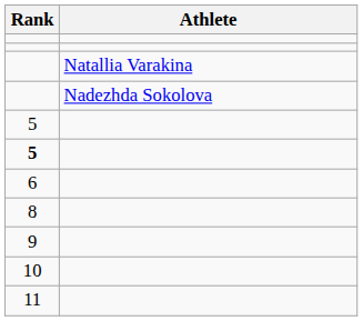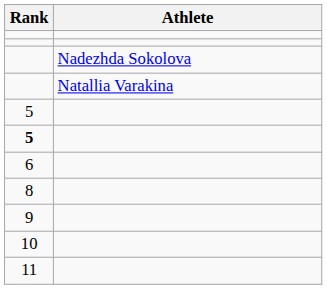 <table class="wikitable" style="text-align: center;">
 <tr>
 <th width=40>Rank</th>
 <th width=250>Athlete</th>
 </tr>
 <tr>
 <td></td>
 <td align="left"></td>
 </tr>
 <tr>
 <td></td>
 <td align="left"></td>
 </tr>
 <tr>
 <td></td>
-<td align="left"> <a href='#'>Natallia Varakina</a> </td>
+<td align="left"> <a href='#'>Nadezhda Sokolova</a> </td>
 </tr>
 <tr>
 <td></td>
-<td align="left"> <a href='#'>Nadezhda Sokolova</a> </td>
+<td align="left"> <a href='#'>Natallia Varakina</a> </td>
 </tr>
 <tr>
 <td>5</td>
 <td align="left"></td>
 </tr>
 <tr>
 <td><strong>5</strong></td>
 <td align="left"></td>
 </tr>
 <tr>
 <td>6</td>
 <td align="left"></td>
 </tr>
 <tr>
 <td>8</td>
 <td align="left"></td>
 </tr>
 <tr>
 <td>9</td>
 <td align="left"></td>
 </tr>
 <tr>
 <td>10</td>
 <td align="left"></td>
 </tr>
 <tr>
 <td>11</td>
 <td align="left"></td>
 </tr>
 </table>
